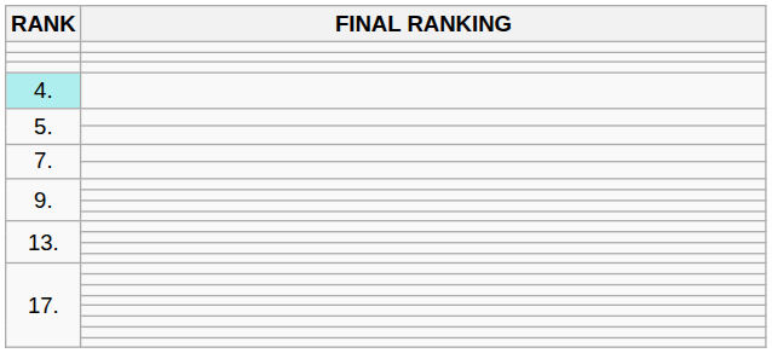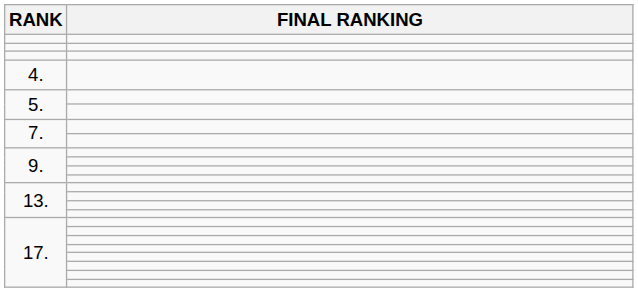 <table class="wikitable" style="border-collapse: collapse; font-size: 90%;">
 <tr>
 <th>RANK</th>
 <th style="width: 30em">FINAL RANKING</th>
 </tr>
 <tr>
 <td align="center"></td>
 <td></td>
 </tr>
 <tr>
 <td align="center"></td>
 <td></td>
 </tr>
 <tr>
 <td align="center"></td>
 <td></td>
 </tr>
 <tr>
-<td align="center" style="background: paleturquoise;">4.</td>
+<td align="center">4.</td>
 <td></td>
 </tr>
 <tr>
 <td rowspan=2 align="center">5.</td>
 <td></td>
 </tr>
 <tr>
 <td></td>
 </tr>
 <tr>
 <td rowspan=2 align="center">7.</td>
 <td></td>
 </tr>
 <tr>
 <td></td>
 </tr>
 <tr>
 <td rowspan=4 align="center">9.</td>
 <td></td>
 </tr>
 <tr>
 <td></td>
 </tr>
 <tr>
 <td></td>
 </tr>
 <tr>
 <td></td>
 </tr>
 <tr>
 <td rowspan=4 align="center">13.</td>
 <td></td>
 </tr>
 <tr>
 <td></td>
 </tr>
 <tr>
 <td></td>
 </tr>
 <tr>
 <td></td>
 </tr>
 <tr>
 <td rowspan=8 align="center">17.</td>
 <td></td>
 </tr>
 <tr>
 <td></td>
 </tr>
 <tr>
 <td></td>
 </tr>
 <tr>
 <td></td>
 </tr>
 <tr>
 <td></td>
 </tr>
 <tr>
 <td></td>
 </tr>
 <tr>
 <td></td>
 </tr>
 <tr>
 <td></td>
 </tr>
 </table>
